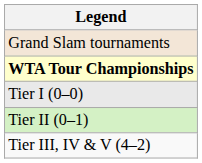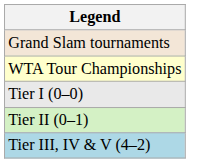 <table class="wikitable sortable">
 <tr>
 <th>Legend</th>
 </tr>
 <tr>
 <td bgcolor=#f3e6d7>Grand Slam tournaments</td>
 </tr>
 <tr>
-<td bgcolor=#ffffcc><strong>WTA Tour Championships</strong></td>
+<td bgcolor=#ffffcc>WTA Tour Championships</td>
 </tr>
 <tr>
 <td bgcolor=#e9e9e9>Tier I (0–0)</td>
 </tr>
 <tr>
 <td bgcolor=#d4f1c5>Tier II (0–1)</td>
 </tr>
 <tr>
-<td>Tier III, IV & V (4–2)</td>
+<td style="background: lightblue;">Tier III, IV & V (4–2)</td>
 </tr>
 </table>
